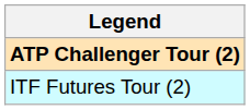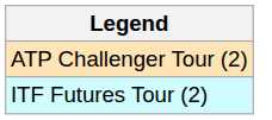 <table class=wikitable style=font-size:97%>
 <tr>
 <th>Legend</th>
 </tr>
 <tr style="background:moccasin;">
-<td><strong>ATP Challenger Tour (2)</strong></td>
+<td>ATP Challenger Tour (2)</td>
 </tr>
 <tr style="background:#cffcff;">
 <td>ITF Futures Tour (2)</td>
 </tr>
 </table>
